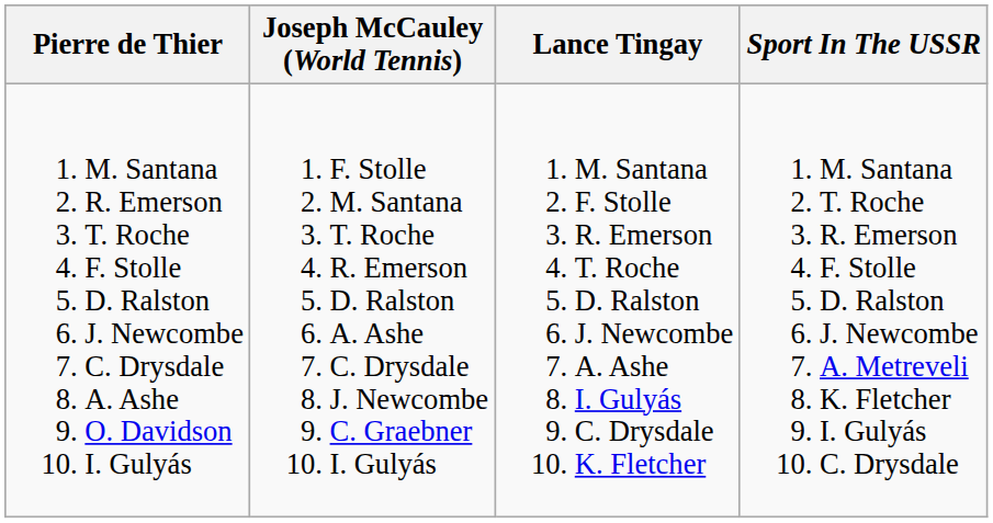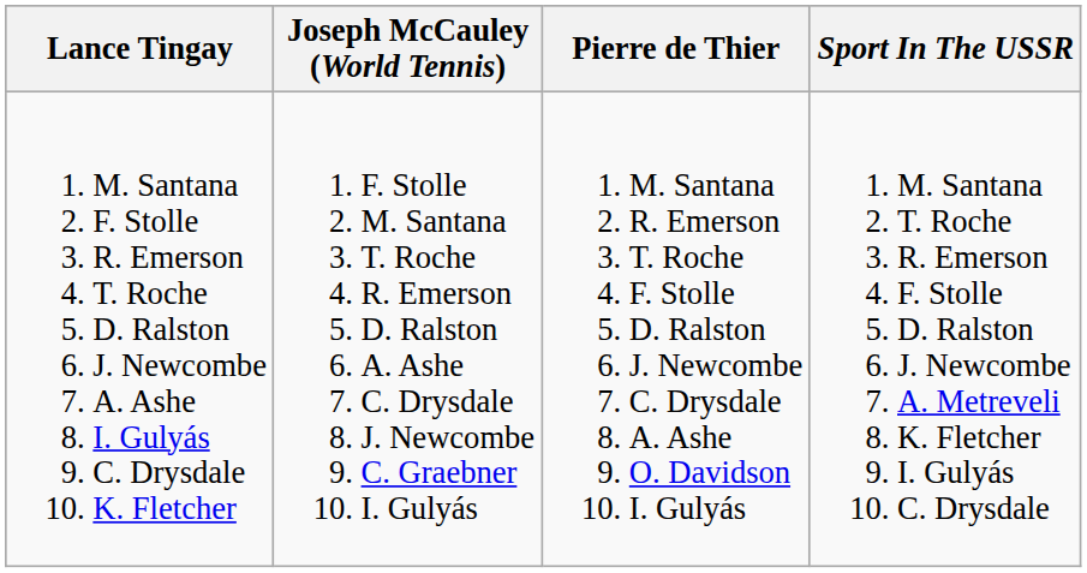 <table class="wikitable">
 <tr>
+<th>Lance Tingay</th>
+<th>Joseph McCauley<br>(<em>World Tennis</em>)</th>
 <th>Pierre de Thier<em></em></th>
-<th>Joseph McCauley<br>(<em>World Tennis</em>)</th>
-<th>Lance Tingay</th>
 <th><em>Sport In The USSR</em></th>
 </tr>
 <tr style="vertical-align: top;">
+<td style="white-space: nowrap;"><br><ol><li> M. Santana</li><li> F. Stolle</li><li> R. Emerson</li><li> T. Roche</li><li> D. Ralston</li><li> J. Newcombe</li><li> A. Ashe</li><li> <a href='#'>I. Gulyás</a></li><li> C. Drysdale</li><li> <a href='#'>K. Fletcher</a></li></ol></td>
+<td style="white-space: nowrap;"><br><ol><li> F. Stolle</li><li> M. Santana</li><li> T. Roche</li><li> R. Emerson</li><li> D. Ralston</li><li> A. Ashe</li><li> C. Drysdale</li><li> J. Newcombe</li><li> <a href='#'>C. Graebner</a></li><li> I. Gulyás</li></ol></td>
 <td style="white-space: nowrap;"><br><ol><li> M. Santana</li><li> R. Emerson</li><li> T. Roche</li><li> F. Stolle</li><li> D. Ralston</li><li> J. Newcombe</li><li> C. Drysdale</li><li> A. Ashe</li><li> <a href='#'>O. Davidson</a></li><li> I. Gulyás</li></ol></td>
-<td style="white-space: nowrap;"><br><ol><li> F. Stolle</li><li> M. Santana</li><li> T. Roche</li><li> R. Emerson</li><li> D. Ralston</li><li> A. Ashe</li><li> C. Drysdale</li><li> J. Newcombe</li><li> <a href='#'>C. Graebner</a></li><li> I. Gulyás</li></ol></td>
-<td style="white-space: nowrap;"><br><ol><li> M. Santana</li><li> F. Stolle</li><li> R. Emerson</li><li> T. Roche</li><li> D. Ralston</li><li> J. Newcombe</li><li> A. Ashe</li><li> <a href='#'>I. Gulyás</a></li><li> C. Drysdale</li><li> <a href='#'>K. Fletcher</a></li></ol></td>
 <td style="white-space: nowrap;"><br><ol><li> M. Santana</li><li> T. Roche</li><li> R. Emerson</li><li> F. Stolle</li><li> D. Ralston</li><li> J. Newcombe</li><li> <a href='#'>A. Metreveli</a></li><li> K. Fletcher</li><li> I. Gulyás</li><li> C. Drysdale</li></ol></td>
 </tr>
 </table>
